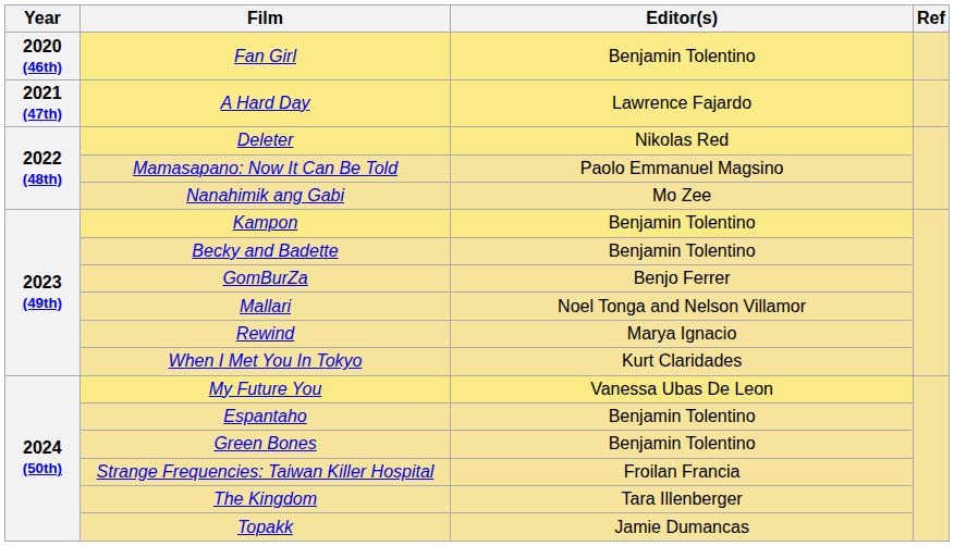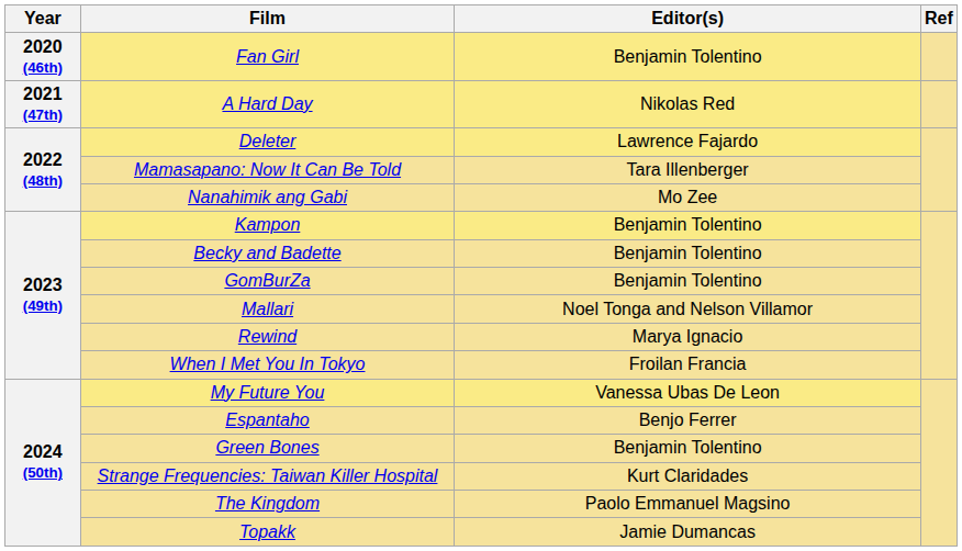 <table class="wikitable" rowspan=2 style="text-align: center; background: #f6e39c">
 <tr style="background:#bebebe;">
 <th scope="col" style="width:8%;">Year</th>
 <th scope="col" style="width:40%;">Film</th>
 <th scope="col" style="width:50%;">Editor(s)</th>
 <th scope="col" style="width:2%;">Ref</th>
 </tr>
 <tr>
 <th scope="row" style="text-align:center">2020 <br><small><a href='#'>(46th)</a> </small></th>
 <td style="background:#FAEB86"><em><a href='#'>Fan Girl</a></em></td>
 <td style="background:#FAEB86">Benjamin Tolentino</td>
 <td></td>
 </tr>
 <tr>
 <th scope="row" style="text-align:center">2021 <br><small><a href='#'>(47th)</a> </small></th>
 <td style="background:#FAEB86"><em><a href='#'>A Hard Day</a></em></td>
-<td style="background:#FAEB86">Lawrence Fajardo</td>
+<td style="background:#FAEB86">Nikolas Red</td>
 <td></td>
 </tr>
 <tr>
 <th scope="row" style="text-align:center" rowspan=3>2022 <br><small><a href='#'>(48th)</a> </small></th>
 <td style="background:#FAEB86"><em><a href='#'>Deleter</a></em></td>
-<td style="background:#FAEB86">Nikolas Red</td>
+<td style="background:#FAEB86">Lawrence Fajardo</td>
 <td rowspan=3></td>
 </tr>
 <tr>
 <td><em><a href='#'>Mamasapano: Now It Can Be Told</a></em></td>
-<td>Paolo Emmanuel Magsino</td>
+<td>Tara Illenberger</td>
 </tr>
 <tr>
 <td><em><a href='#'>Nanahimik ang Gabi</a></em></td>
 <td>Mo Zee</td>
 </tr>
 <tr>
 <th scope="row" style="text-align:center" rowspan=6>2023 <br><small><a href='#'>(49th)</a> </small></th>
 <td style="background:#FAEB86"><em><a href='#'>Kampon</a></em></td>
 <td style="background:#FAEB86">Benjamin Tolentino</td>
 <td rowspan=6></td>
 </tr>
 <tr>
 <td><em><a href='#'>Becky and Badette</a></em></td>
 <td>Benjamin Tolentino</td>
 </tr>
 <tr>
 <td><em><a href='#'>GomBurZa</a></em></td>
-<td>Benjo Ferrer</td>
+<td>Benjamin Tolentino</td>
 </tr>
 <tr>
 <td><em><a href='#'>Mallari</a></em></td>
 <td>Noel Tonga and Nelson Villamor</td>
 </tr>
 <tr>
 <td><em><a href='#'>Rewind</a></em></td>
 <td>Marya Ignacio</td>
 </tr>
 <tr>
 <td><em><a href='#'>When I Met You In Tokyo</a></em></td>
-<td>Kurt Claridades</td>
+<td>Froilan Francia</td>
 </tr>
 <tr>
 <th scope="row" style="text-align:center" rowspan=6>2024 <br><small><a href='#'>(50th)</a> </small></th>
 <td style="background:#FAEB86"><em><a href='#'>My Future You</a></em></td>
 <td style="background:#FAEB86">Vanessa Ubas De Leon</td>
 <td rowspan=6></td>
 </tr>
 <tr>
 <td><em><a href='#'>Espantaho</a></em></td>
-<td>Benjamin Tolentino</td>
+<td>Benjo Ferrer</td>
 </tr>
 <tr>
 <td><em><a href='#'>Green Bones</a></em></td>
 <td>Benjamin Tolentino</td>
 </tr>
 <tr>
 <td><em><a href='#'>Strange Frequencies: Taiwan Killer Hospital</a></em></td>
-<td>Froilan Francia</td>
+<td>Kurt Claridades</td>
 </tr>
 <tr>
 <td><em><a href='#'>The Kingdom</a></em></td>
-<td>Tara Illenberger</td>
+<td>Paolo Emmanuel Magsino</td>
 </tr>
 <tr>
 <td><em><a href='#'>Topakk</a></em></td>
 <td>Jamie Dumancas</td>
 </tr>
 </table>
